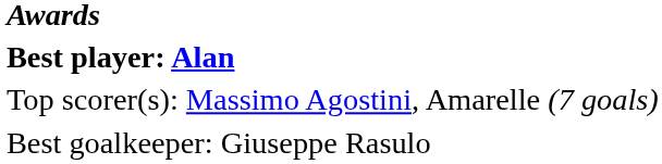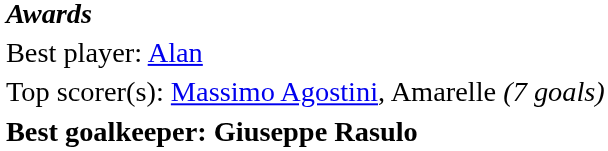 <table width=100% cellspacing=1 style="font-size: 90%;">
 <tr>
 <td><strong><em>Awards</em></strong></td>
 </tr>
 <tr>
-<td><strong>Best player:  <a href='#'>Alan</a></strong></td>
+<td>Best player:  <a href='#'>Alan</a></td>
 </tr>
 <tr>
 <td colspan=4>Top scorer(s):  <a href='#'>Massimo Agostini</a>,  Amarelle <em>(7 goals)</em></td>
 </tr>
 <tr>
-<td>Best goalkeeper:  Giuseppe Rasulo</td>
+<td><strong>Best goalkeeper:  Giuseppe Rasulo</strong></td>
 </tr>
 </table>
